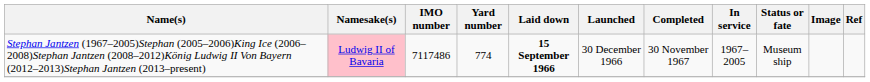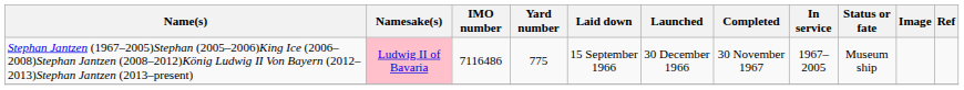 <table class="wikitable">
 <tr>
 <th>Name(s)</th>
 <th>Namesake(s)</th>
 <th>IMO number</th>
 <th>Yard number</th>
 <th>Laid down</th>
 <th>Launched</th>
 <th>Completed</th>
 <th>In service</th>
 <th>Status or fate</th>
 <th>Image</th>
 <th>Ref</th>
 </tr>
 <tr>
 <td align="left"><a href='#'><em>Stephan Jantzen</em></a> (1967–2005)<em>Stephan</em> (2005–2006)<em>King Ice</em> (2006–2008)<em>Stephan Jantzen</em> (2008–2012)<em>König Ludwig II Von Bayern</em> (2012–2013)<em>Stephan Jantzen</em> (2013–present)</td>
 <td align="center" style="background: pink;"><a href='#'>Ludwig II of Bavaria</a></td>
-<td align="center">7117486</td>
-<td align="center">774</td>
-<td align="center"><strong>15 September 1966</strong></td>
+<td align="center">7116486</td>
+<td align="center">775</td>
+<td align="center">15 September 1966</td>
 <td align="center">30 December 1966</td>
 <td align="center">30 November 1967</td>
 <td align="center">1967–2005</td>
 <td align="center">Museum ship</td>
 <td align="center"></td>
 <td align="center"></td>
 </tr>
 <tr>
 </tr>
 </table>
